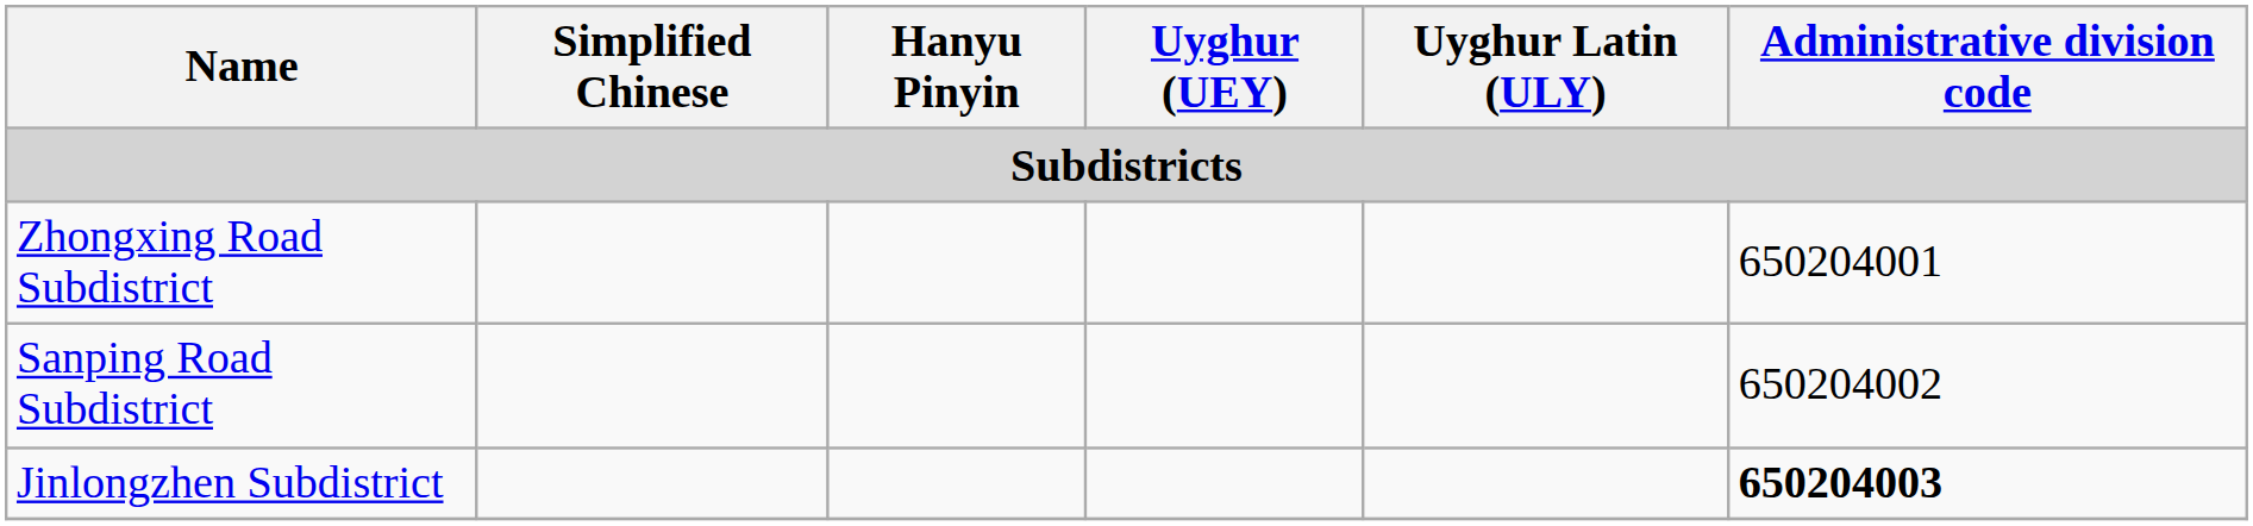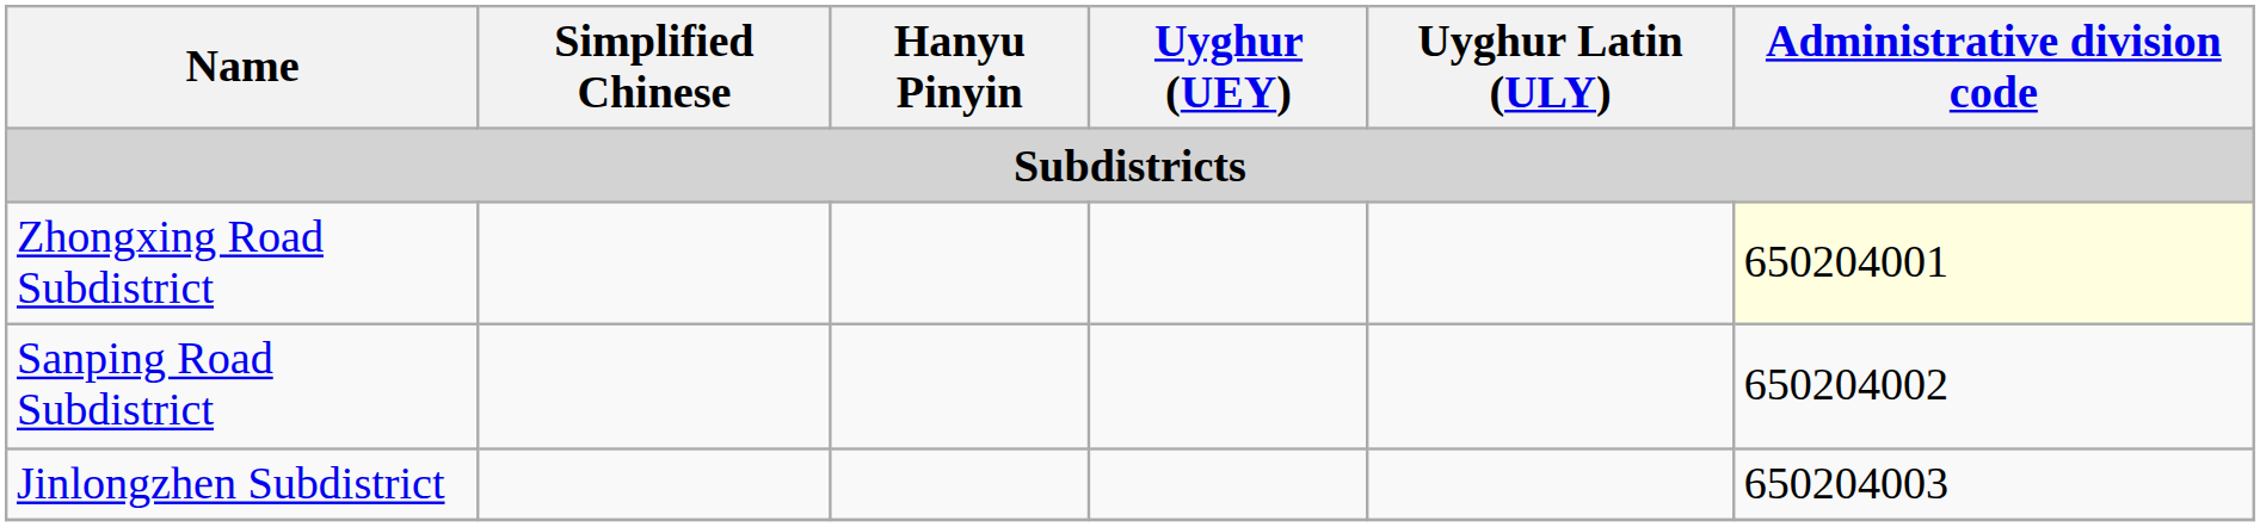 <table class="wikitable" align="center" style="width:50%; border="1">
 <tr>
 <th>Name</th>
 <th>Simplified Chinese</th>
 <th>Hanyu Pinyin</th>
 <th><a href='#'>Uyghur</a> (<a href='#'>UEY</a>)</th>
 <th>Uyghur Latin (<a href='#'>ULY</a>)</th>
 <th><a href='#'>Administrative division code</a></th>
 </tr>
 <tr>
 <td colspan="7"  style="text-align:center; background:#d3d3d3;"><strong>Subdistricts</strong></td>
 </tr>
 <tr --------->
 <td><a href='#'>Zhongxing Road Subdistrict</a></td>
 <td></td>
 <td></td>
 <td></td>
 <td></td>
-<td>650204001</td>
+<td style="background: lightyellow;">650204001</td>
 </tr>
 <tr>
 <td><a href='#'>Sanping Road Subdistrict</a></td>
 <td></td>
 <td></td>
 <td></td>
 <td></td>
 <td>650204002</td>
 </tr>
 <tr>
 <td><a href='#'>Jinlongzhen Subdistrict</a></td>
 <td></td>
 <td></td>
 <td></td>
 <td></td>
-<td><strong>650204003</strong></td>
+<td>650204003</td>
 </tr>
 <tr>
 </tr>
 </table>
